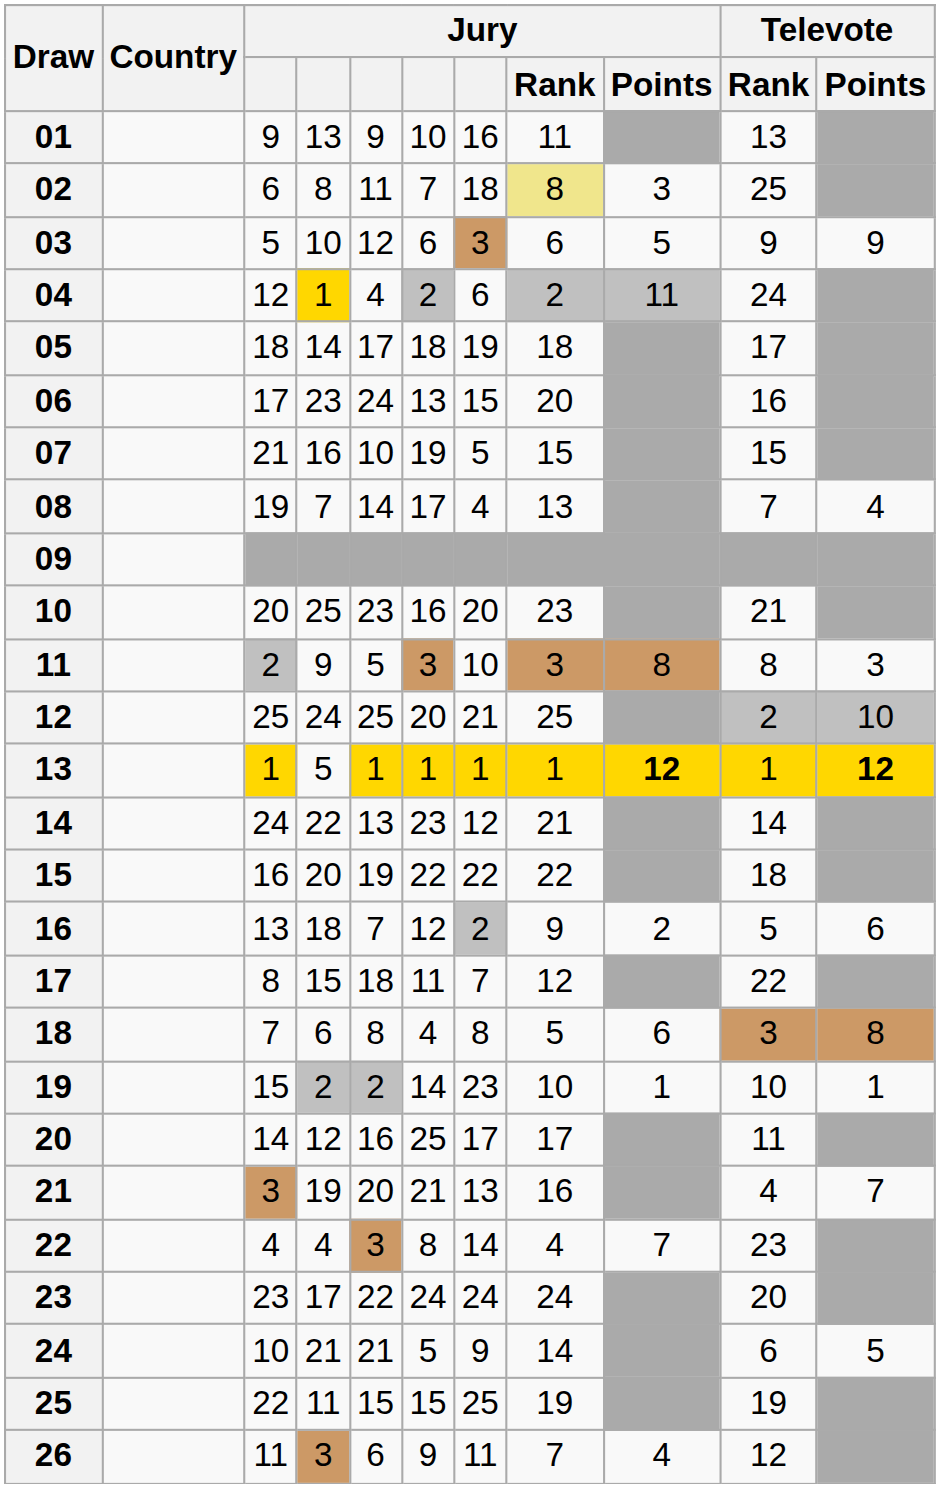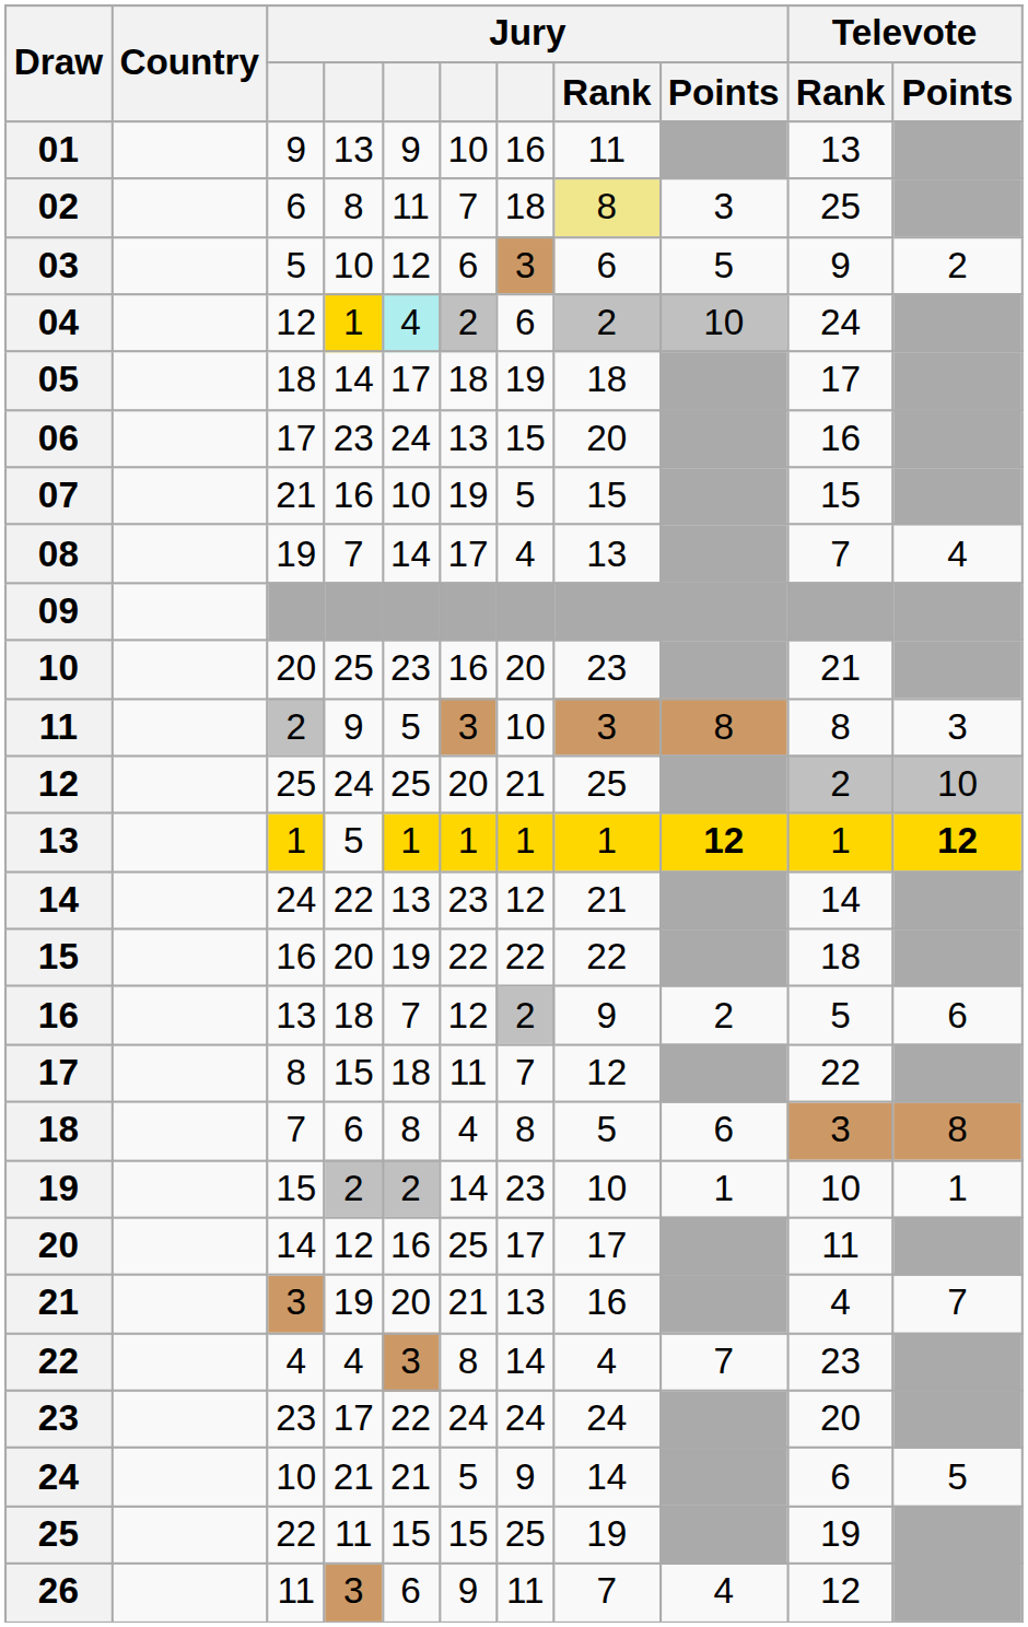 <table class="sortable wikitable collapsible plainrowheaders" style="text-align:center;">
 <tr>
 </tr>
 <tr>
 <th scope="col" rowspan="2">Draw</th>
 <th scope="col" rowspan="2">Country</th>
 <th scope="col" colspan="7">Jury</th>
 <th scope="col" colspan="2">Televote</th>
 </tr>
 <tr>
 <th scope="col"><small></small></th>
 <th scope="col"><small></small></th>
 <th scope="col"><small></small></th>
 <th scope="col"><small></small></th>
 <th scope="col"><small></small></th>
 <th scope="col">Rank</th>
 <th scope="col">Points</th>
 <th scope="col">Rank</th>
 <th scope="col">Points</th>
 </tr>
 <tr>
 <th scope="row" style="text-align:center;">01</th>
 <td style="text-align:left;"></td>
 <td>9</td>
 <td>13</td>
 <td>9</td>
 <td>10</td>
 <td>16</td>
 <td>11</td>
 <td style="background:#AAAAAA;"></td>
 <td>13</td>
 <td style="background:#AAAAAA;"></td>
 </tr>
 <tr>
 <th scope="row" style="text-align:center;">02</th>
 <td style="text-align:left;"></td>
 <td>6</td>
 <td>8</td>
 <td>11</td>
 <td>7</td>
 <td>18</td>
 <td style="background: khaki;">8</td>
 <td>3</td>
 <td>25</td>
 <td style="background:#AAAAAA;"></td>
 </tr>
 <tr>
 <th scope="row" style="text-align:center;">03</th>
 <td style="text-align:left;"></td>
 <td>5</td>
 <td>10</td>
 <td>12</td>
 <td>6</td>
 <td style="background:#CC9966;">3</td>
 <td>6</td>
 <td>5</td>
 <td>9</td>
-<td>9</td>
+<td>2</td>
 </tr>
 <tr>
 <th scope="row" style="text-align:center;">04</th>
 <td style="text-align:left;"></td>
 <td>12</td>
 <td style="background:gold;">1</td>
-<td>4</td>
+<td style="background: paleturquoise;">4</td>
 <td style="background:silver;">2</td>
 <td>6</td>
 <td style="background:silver;">2</td>
-<td style="background:silver;">11</td>
+<td style="background:silver;">10</td>
 <td>24</td>
 <td style="background:#AAAAAA;"></td>
 </tr>
 <tr>
 <th scope="row" style="text-align:center;">05</th>
 <td style="text-align:left;"></td>
 <td>18</td>
 <td>14</td>
 <td>17</td>
 <td>18</td>
 <td>19</td>
 <td>18</td>
 <td style="background:#AAAAAA;"></td>
 <td>17</td>
 <td style="background:#AAAAAA;"></td>
 </tr>
 <tr>
 <th scope="row" style="text-align:center;">06</th>
 <td style="text-align:left;"></td>
 <td>17</td>
 <td>23</td>
 <td>24</td>
 <td>13</td>
 <td>15</td>
 <td>20</td>
 <td style="background:#AAAAAA;"></td>
 <td>16</td>
 <td style="background:#AAAAAA;"></td>
 </tr>
 <tr>
 <th scope="row" style="text-align:center;">07</th>
 <td style="text-align:left;"></td>
 <td>21</td>
 <td>16</td>
 <td>10</td>
 <td>19</td>
 <td>5</td>
 <td>15</td>
 <td style="background:#AAAAAA;"></td>
 <td>15</td>
 <td style="background:#AAAAAA;"></td>
 </tr>
 <tr>
 <th scope="row" style="text-align:center;">08</th>
 <td style="text-align:left;"></td>
 <td>19</td>
 <td>7</td>
 <td>14</td>
 <td>17</td>
 <td>4</td>
 <td>13</td>
 <td style="background:#AAAAAA;"></td>
 <td>7</td>
 <td>4</td>
 </tr>
 <tr class="sortbottom">
 <th scope="row" style="text-align:center;">09</th>
 <td style="text-align:left;"></td>
 <td style="background:#AAAAAA;"></td>
 <td style="background:#AAAAAA;"></td>
 <td style="background:#AAAAAA;"></td>
 <td style="background:#AAAAAA;"></td>
 <td style="background:#AAAAAA;"></td>
 <td style="background:#AAAAAA;"></td>
 <td style="background:#AAAAAA;"></td>
 <td style="background:#AAAAAA;"></td>
 <td style="background:#AAAAAA;"></td>
 </tr>
 <tr>
 <th scope="row" style="text-align:center;">10</th>
 <td style="text-align:left;"></td>
 <td>20</td>
 <td>25</td>
 <td>23</td>
 <td>16</td>
 <td>20</td>
 <td>23</td>
 <td style="background:#AAAAAA;"></td>
 <td>21</td>
 <td style="background:#AAAAAA;"></td>
 </tr>
 <tr>
 <th scope="row" style="text-align:center;">11</th>
 <td style="text-align:left;"></td>
 <td style="background:silver;">2</td>
 <td>9</td>
 <td>5</td>
 <td style="background:#CC9966;">3</td>
 <td>10</td>
 <td style="background:#CC9966;">3</td>
 <td style="background:#CC9966;">8</td>
 <td>8</td>
 <td>3</td>
 </tr>
 <tr>
 <th scope="row" style="text-align:center;">12</th>
 <td style="text-align:left;"></td>
 <td>25</td>
 <td>24</td>
 <td>25</td>
 <td>20</td>
 <td>21</td>
 <td>25</td>
 <td style="background:#AAAAAA;"></td>
 <td style="background:silver;">2</td>
 <td style="background:silver;">10</td>
 </tr>
 <tr>
 <th scope="row" style="text-align:center;">13</th>
 <td style="text-align:left;"></td>
 <td style="background:gold;">1</td>
 <td>5</td>
 <td style="background:gold;">1</td>
 <td style="background:gold;">1</td>
 <td style="background:gold;">1</td>
 <td style="background:gold;">1</td>
 <td style="background:gold;"><strong>12</strong></td>
 <td style="background:gold;">1</td>
 <td style="background:gold;"><strong>12</strong></td>
 </tr>
 <tr>
 <th scope="row" style="text-align:center;">14</th>
 <td style="text-align:left;"></td>
 <td>24</td>
 <td>22</td>
 <td>13</td>
 <td>23</td>
 <td>12</td>
 <td>21</td>
 <td style="background:#AAAAAA;"></td>
 <td>14</td>
 <td style="background:#AAAAAA;"></td>
 </tr>
 <tr>
 <th scope="row" style="text-align:center;">15</th>
 <td style="text-align:left;"></td>
 <td>16</td>
 <td>20</td>
 <td>19</td>
 <td>22</td>
 <td>22</td>
 <td>22</td>
 <td style="background:#AAAAAA;"></td>
 <td>18</td>
 <td style="background:#AAAAAA;"></td>
 </tr>
 <tr>
 <th scope="row" style="text-align:center;">16</th>
 <td style="text-align:left;"></td>
 <td>13</td>
 <td>18</td>
 <td>7</td>
 <td>12</td>
 <td style="background:silver;">2</td>
 <td>9</td>
 <td>2</td>
 <td>5</td>
 <td>6</td>
 </tr>
 <tr>
 <th scope="row" style="text-align:center;">17</th>
 <td style="text-align:left;"></td>
 <td>8</td>
 <td>15</td>
 <td>18</td>
 <td>11</td>
 <td>7</td>
 <td>12</td>
 <td style="background:#AAAAAA;"></td>
 <td>22</td>
 <td style="background:#AAAAAA;"></td>
 </tr>
 <tr>
 <th scope="row" style="text-align:center;">18</th>
 <td style="text-align:left;"></td>
 <td>7</td>
 <td>6</td>
 <td>8</td>
 <td>4</td>
 <td>8</td>
 <td>5</td>
 <td>6</td>
 <td style="background:#CC9966;">3</td>
 <td style="background:#CC9966;">8</td>
 </tr>
 <tr>
 <th scope="row" style="text-align:center;">19</th>
 <td style="text-align:left;"></td>
 <td>15</td>
 <td style="background:silver;">2</td>
 <td style="background:silver;">2</td>
 <td>14</td>
 <td>23</td>
 <td>10</td>
 <td>1</td>
 <td>10</td>
 <td>1</td>
 </tr>
 <tr>
 <th scope="row" style="text-align:center;">20</th>
 <td style="text-align:left;"></td>
 <td>14</td>
 <td>12</td>
 <td>16</td>
 <td>25</td>
 <td>17</td>
 <td>17</td>
 <td style="background:#AAAAAA;"></td>
 <td>11</td>
 <td style="background:#AAAAAA;"></td>
 </tr>
 <tr>
 <th scope="row" style="text-align:center;">21</th>
 <td style="text-align:left;"></td>
 <td style="background:#CC9966;">3</td>
 <td>19</td>
 <td>20</td>
 <td>21</td>
 <td>13</td>
 <td>16</td>
 <td style="background:#AAAAAA;"></td>
 <td>4</td>
 <td>7</td>
 </tr>
 <tr>
 <th scope="row" style="text-align:center;">22</th>
 <td style="text-align:left;"></td>
 <td>4</td>
 <td>4</td>
 <td style="background:#CC9966;">3</td>
 <td>8</td>
 <td>14</td>
 <td>4</td>
 <td>7</td>
 <td>23</td>
 <td style="background:#AAAAAA;"></td>
 </tr>
 <tr>
 <th scope="row" style="text-align:center;">23</th>
 <td style="text-align:left;"></td>
 <td>23</td>
 <td>17</td>
 <td>22</td>
 <td>24</td>
 <td>24</td>
 <td>24</td>
 <td style="background:#AAAAAA;"></td>
 <td>20</td>
 <td style="background:#AAAAAA;"></td>
 </tr>
 <tr>
 <th scope="row" style="text-align:center;">24</th>
 <td style="text-align:left;"></td>
 <td>10</td>
 <td>21</td>
 <td>21</td>
 <td>5</td>
 <td>9</td>
 <td>14</td>
 <td style="background:#AAAAAA;"></td>
 <td>6</td>
 <td>5</td>
 </tr>
 <tr>
 <th scope="row" style="text-align:center;">25</th>
 <td style="text-align:left;"></td>
 <td>22</td>
 <td>11</td>
 <td>15</td>
 <td>15</td>
 <td>25</td>
 <td>19</td>
 <td style="background:#AAAAAA;"></td>
 <td>19</td>
 <td style="background:#AAAAAA;"></td>
 </tr>
 <tr>
 <th scope="row" style="text-align:center;">26</th>
 <td style="text-align:left;"></td>
 <td>11</td>
 <td style="background:#CC9966;">3</td>
 <td>6</td>
 <td>9</td>
 <td>11</td>
 <td>7</td>
 <td>4</td>
 <td>12</td>
 <td style="background:#AAAAAA;"></td>
 </tr>
 </table>
